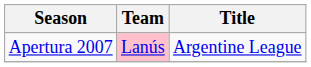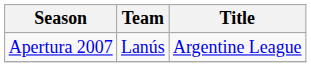 <table class="wikitable">
 <tr>
 <th>Season</th>
 <th>Team</th>
 <th>Title</th>
 </tr>
 <tr>
 <td><a href='#'>Apertura 2007</a></td>
-<td style="background: pink;"><a href='#'>Lanús</a></td>
+<td><a href='#'>Lanús</a></td>
 <td><a href='#'>Argentine League</a></td>
 </tr>
 <tr>
 </tr>
 </table>
